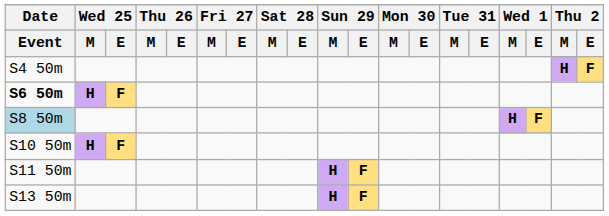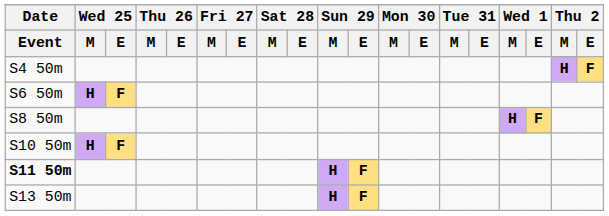 <table class="wikitable" style="margin:0.5em auto; font-size:90%; line-height:1.25em;">
 <tr align="center">
 </tr>
 <tr>
 <th>Date</th>
 <th colspan="2">Wed 25</th>
 <th colspan="2">Thu 26</th>
 <th colspan="2">Fri 27</th>
 <th colspan="2">Sat 28</th>
 <th colspan="2">Sun 29</th>
 <th colspan="2">Mon 30</th>
 <th colspan="2">Tue 31</th>
 <th colspan="2">Wed 1</th>
 <th colspan="2">Thu 2</th>
 </tr>
 <tr>
 <th>Event</th>
 <th>M</th>
 <th>E</th>
 <th>M</th>
 <th>E</th>
 <th>M</th>
 <th>E</th>
 <th>M</th>
 <th>E</th>
 <th>M</th>
 <th>E</th>
 <th>M</th>
 <th>E</th>
 <th>M</th>
 <th>E</th>
 <th>M</th>
 <th>E</th>
 <th>M</th>
 <th>E</th>
 </tr>
 <tr align="center">
 <td align="left">S4 50m</td>
 <td colspan="2"></td>
 <td colspan="2"></td>
 <td colspan="2"></td>
 <td colspan="2"></td>
 <td colspan="2"></td>
 <td colspan="2"></td>
 <td colspan="2"></td>
 <td colspan="2"></td>
 <td bgcolor="#D0A9F5"><strong>H</strong></td>
 <td bgcolor="#FFDF80"><strong>F</strong></td>
 </tr>
 <tr align="center">
-<td align="left"><strong>S6 50m</strong></td>
+<td align="left">S6 50m</td>
 <td bgcolor="#D0A9F5"><strong>H</strong></td>
 <td bgcolor="#FFDF80"><strong>F</strong></td>
 <td colspan="2"></td>
 <td colspan="2"></td>
 <td colspan="2"></td>
 <td colspan="2"></td>
 <td colspan="2"></td>
 <td colspan="2"></td>
 <td colspan="2"></td>
 <td colspan="2"></td>
 </tr>
 <tr align="center">
-<td align="left" style="background: lightblue;">S8 50m</td>
+<td align="left">S8 50m</td>
 <td colspan="2"></td>
 <td colspan="2"></td>
 <td colspan="2"></td>
 <td colspan="2"></td>
 <td colspan="2"></td>
 <td colspan="2"></td>
 <td colspan="2"></td>
 <td bgcolor="#D0A9F5"><strong>H</strong></td>
 <td bgcolor="#FFDF80"><strong>F</strong></td>
 <td colspan="2"></td>
 </tr>
 <tr align="center">
 <td align="left">S10 50m</td>
 <td bgcolor="#D0A9F5"><strong>H</strong></td>
 <td bgcolor="#FFDF80"><strong>F</strong></td>
 <td colspan="2"></td>
 <td colspan="2"></td>
 <td colspan="2"></td>
 <td colspan="2"></td>
 <td colspan="2"></td>
 <td colspan="2"></td>
 <td colspan="2"></td>
 <td colspan="2"></td>
 </tr>
 <tr align="center">
-<td align="left">S11 50m</td>
+<td align="left"><strong>S11 50m</strong></td>
 <td colspan="2"></td>
 <td colspan="2"></td>
 <td colspan="2"></td>
 <td colspan="2"></td>
 <td bgcolor="#D0A9F5"><strong>H</strong></td>
 <td bgcolor="#FFDF80"><strong>F</strong></td>
 <td colspan="2"></td>
 <td colspan="2"></td>
 <td colspan="2"></td>
 <td colspan="2"></td>
 </tr>
 <tr align="center">
 <td align="left">S13 50m</td>
 <td colspan="2"></td>
 <td colspan="2"></td>
 <td colspan="2"></td>
 <td colspan="2"></td>
 <td bgcolor="#D0A9F5"><strong>H</strong></td>
 <td bgcolor="#FFDF80"><strong>F</strong></td>
 <td colspan="2"></td>
 <td colspan="2"></td>
 <td colspan="2"></td>
 <td colspan="2"></td>
 </tr>
 </table>
